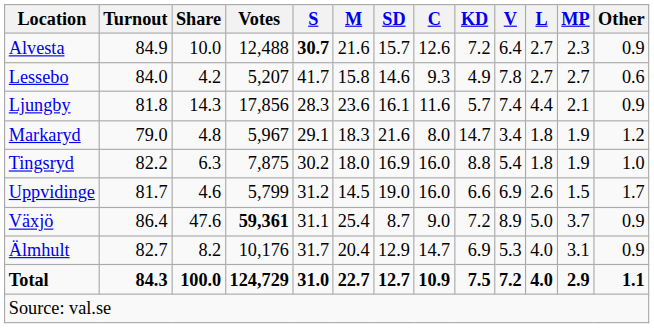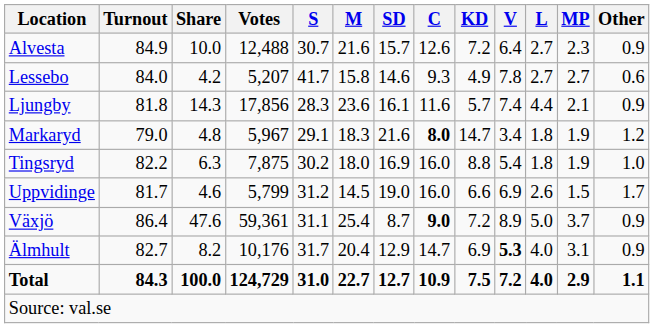 <table class="wikitable sortable" style=text-align:right>
 <tr>
 <th>Location</th>
 <th>Turnout</th>
 <th>Share</th>
 <th>Votes</th>
 <th><a href='#'>S</a></th>
 <th><a href='#'>M</a></th>
 <th><a href='#'>SD</a></th>
 <th><a href='#'>C</a></th>
 <th><a href='#'>KD</a></th>
 <th><a href='#'>V</a></th>
 <th><a href='#'>L</a></th>
 <th><a href='#'>MP</a></th>
 <th>Other</th>
 </tr>
 <tr>
 <td align=left><a href='#'>Alvesta</a></td>
 <td>84.9</td>
 <td>10.0</td>
 <td>12,488</td>
-<td><strong>30.7</strong></td>
+<td>30.7</td>
 <td>21.6</td>
 <td>15.7</td>
 <td>12.6</td>
 <td>7.2</td>
 <td>6.4</td>
 <td>2.7</td>
 <td>2.3</td>
 <td>0.9</td>
 </tr>
 <tr>
 <td align=left><a href='#'>Lessebo</a></td>
 <td>84.0</td>
 <td>4.2</td>
 <td>5,207</td>
 <td>41.7</td>
 <td>15.8</td>
 <td>14.6</td>
 <td>9.3</td>
 <td>4.9</td>
 <td>7.8</td>
 <td>2.7</td>
 <td>2.7</td>
 <td>0.6</td>
 </tr>
 <tr>
 <td align=left><a href='#'>Ljungby</a></td>
 <td>81.8</td>
 <td>14.3</td>
 <td>17,856</td>
 <td>28.3</td>
 <td>23.6</td>
 <td>16.1</td>
 <td>11.6</td>
 <td>5.7</td>
 <td>7.4</td>
 <td>4.4</td>
 <td>2.1</td>
 <td>0.9</td>
 </tr>
 <tr>
 <td align=left><a href='#'>Markaryd</a></td>
 <td>79.0</td>
 <td>4.8</td>
 <td>5,967</td>
 <td>29.1</td>
 <td>18.3</td>
 <td>21.6</td>
-<td>8.0</td>
+<td><strong>8.0</strong></td>
 <td>14.7</td>
 <td>3.4</td>
 <td>1.8</td>
 <td>1.9</td>
 <td>1.2</td>
 </tr>
 <tr>
 <td align=left><a href='#'>Tingsryd</a></td>
 <td>82.2</td>
 <td>6.3</td>
 <td>7,875</td>
 <td>30.2</td>
 <td>18.0</td>
 <td>16.9</td>
 <td>16.0</td>
 <td>8.8</td>
 <td>5.4</td>
 <td>1.8</td>
 <td>1.9</td>
 <td>1.0</td>
 </tr>
 <tr>
 <td align=left><a href='#'>Uppvidinge</a></td>
 <td>81.7</td>
 <td>4.6</td>
 <td>5,799</td>
 <td>31.2</td>
 <td>14.5</td>
 <td>19.0</td>
 <td>16.0</td>
 <td>6.6</td>
 <td>6.9</td>
 <td>2.6</td>
 <td>1.5</td>
 <td>1.7</td>
 </tr>
 <tr>
 <td align=left><a href='#'>Växjö</a></td>
 <td>86.4</td>
 <td>47.6</td>
-<td><strong>59,361</strong></td>
+<td>59,361</td>
 <td>31.1</td>
 <td>25.4</td>
 <td>8.7</td>
-<td>9.0</td>
+<td><strong>9.0</strong></td>
 <td>7.2</td>
 <td>8.9</td>
 <td>5.0</td>
 <td>3.7</td>
 <td>0.9</td>
 </tr>
 <tr>
 <td align=left><a href='#'>Älmhult</a></td>
 <td>82.7</td>
 <td>8.2</td>
 <td>10,176</td>
 <td>31.7</td>
 <td>20.4</td>
 <td>12.9</td>
 <td>14.7</td>
 <td>6.9</td>
-<td>5.3</td>
+<td><strong>5.3</strong></td>
 <td>4.0</td>
 <td>3.1</td>
 <td>0.9</td>
 </tr>
 <tr>
 <td align=left><strong>Total</strong></td>
 <td><strong>84.3</strong></td>
 <td><strong>100.0</strong></td>
 <td><strong>124,729</strong></td>
 <td><strong>31.0</strong></td>
 <td><strong>22.7</strong></td>
 <td><strong>12.7</strong></td>
 <td><strong>10.9</strong></td>
 <td><strong>7.5</strong></td>
 <td><strong>7.2</strong></td>
 <td><strong>4.0</strong></td>
 <td><strong>2.9</strong></td>
 <td><strong>1.1</strong></td>
 </tr>
 <tr>
 <td align=left colspan=13>Source: val.se</td>
 </tr>
 </table>
